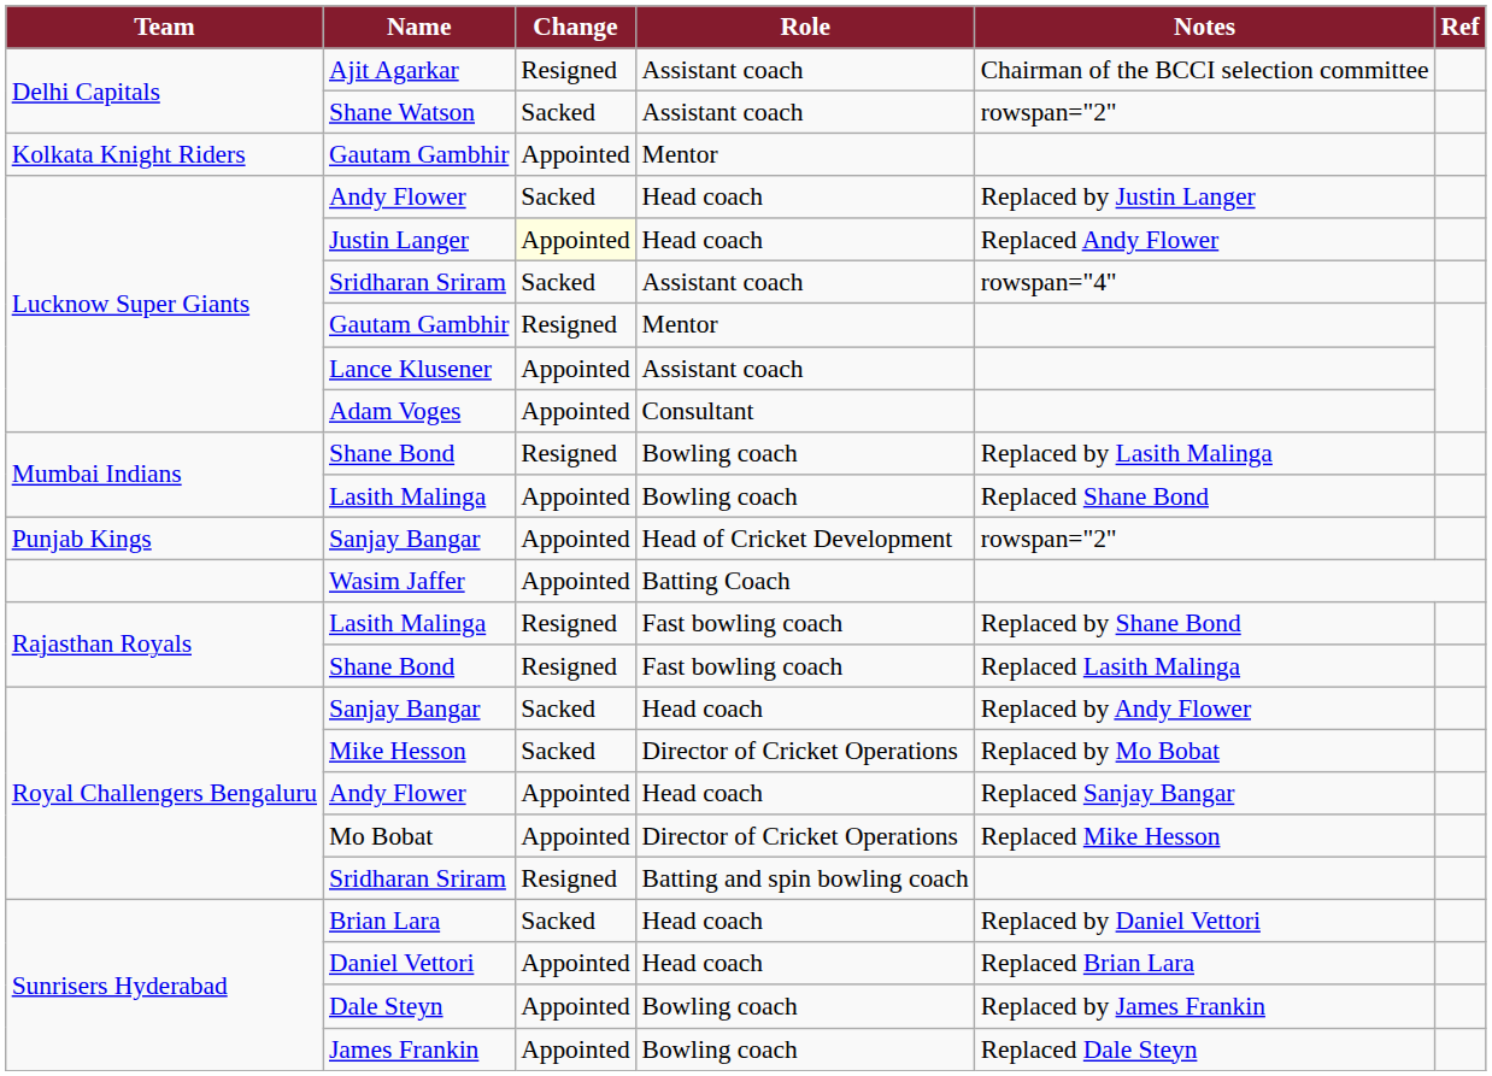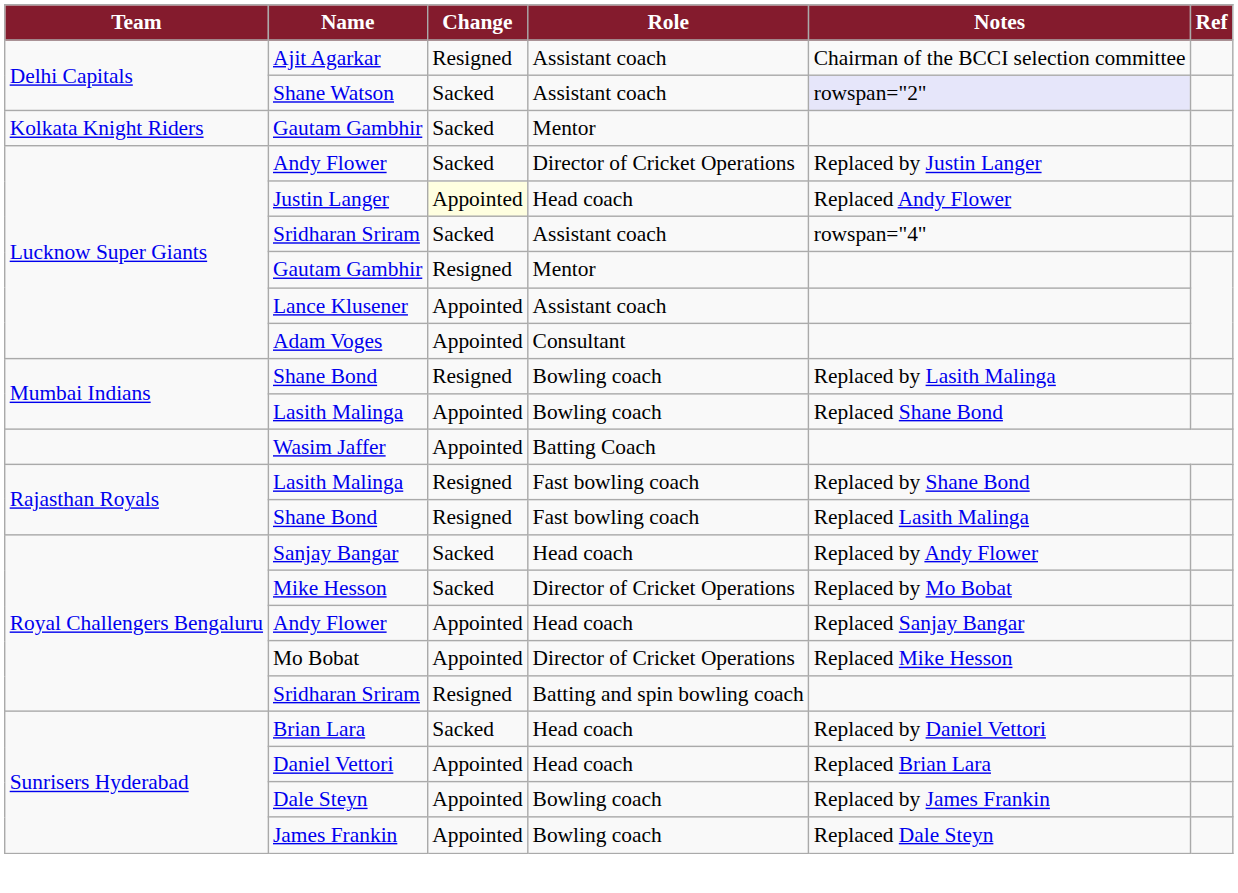 <table class="wikitable" style="font-size:95%;">
 <tr>
 <th style="background: #841B2D;color:white">Team</th>
 <th style="background: #841B2D;color:white">Name</th>
 <th style="background: #841B2D;color:white">Change</th>
 <th style="background: #841B2D;color:white">Role</th>
 <th style="background: #841B2D;color:white">Notes</th>
 <th style="background: #841B2D;color:white">Ref</th>
 </tr>
 <tr>
 <td rowspan="2"><a href='#'>Delhi Capitals</a></td>
 <td><a href='#'>Ajit Agarkar</a></td>
 <td>Resigned</td>
 <td>Assistant coach</td>
 <td>Chairman of the BCCI selection committee</td>
 <td></td>
 </tr>
 <tr>
 <td><a href='#'>Shane Watson</a></td>
 <td>Sacked</td>
 <td>Assistant coach</td>
-<td>rowspan="2" </td>
+<td style="background: lavender;">rowspan="2" </td>
 <td></td>
 </tr>
 <tr>
 <td><a href='#'>Kolkata Knight Riders</a></td>
 <td><a href='#'>Gautam Gambhir</a></td>
-<td>Appointed</td>
+<td>Sacked</td>
 <td>Mentor</td>
 <td></td>
 </tr>
 <tr>
 <td rowspan="6"><a href='#'>Lucknow Super Giants</a></td>
 <td><a href='#'>Andy Flower</a></td>
 <td>Sacked</td>
-<td>Head coach</td>
+<td>Director of Cricket Operations</td>
 <td>Replaced by <a href='#'>Justin Langer</a></td>
 <td></td>
 </tr>
 <tr>
 <td><a href='#'>Justin Langer</a></td>
 <td style="background: lightyellow;">Appointed</td>
 <td>Head coach</td>
 <td>Replaced <a href='#'>Andy Flower</a></td>
 <td></td>
 </tr>
 <tr>
 <td><a href='#'>Sridharan Sriram</a></td>
 <td>Sacked</td>
 <td>Assistant coach</td>
 <td>rowspan="4" </td>
 <td></td>
 </tr>
 <tr>
 <td><a href='#'>Gautam Gambhir</a></td>
 <td>Resigned</td>
 <td>Mentor</td>
 <td></td>
 </tr>
 <tr>
 <td><a href='#'>Lance Klusener</a></td>
 <td>Appointed</td>
 <td>Assistant coach</td>
 <td></td>
 </tr>
 <tr>
 <td><a href='#'>Adam Voges</a></td>
 <td>Appointed</td>
 <td>Consultant</td>
 <td></td>
 </tr>
 <tr>
 <td rowspan="2"><a href='#'>Mumbai Indians</a></td>
 <td><a href='#'>Shane Bond</a></td>
 <td>Resigned</td>
 <td>Bowling coach</td>
 <td>Replaced by <a href='#'>Lasith Malinga</a></td>
 <td></td>
 </tr>
 <tr>
 <td><a href='#'>Lasith Malinga</a></td>
 <td>Appointed</td>
 <td>Bowling coach</td>
 <td>Replaced <a href='#'>Shane Bond</a></td>
-<td></td>
-</tr>
-<tr>
-<td><a href='#'>Punjab Kings</a></td>
-<td><a href='#'>Sanjay Bangar</a></td>
-<td>Appointed</td>
-<td>Head of Cricket Development</td>
-<td>rowspan="2" </td>
 <td></td>
 </tr>
 <tr>
 <td></td>
 <td><a href='#'>Wasim Jaffer</a></td>
 <td>Appointed</td>
 <td>Batting Coach</td>
 </tr>
 <tr>
 <td rowspan="2"><a href='#'>Rajasthan Royals</a></td>
 <td><a href='#'>Lasith Malinga</a></td>
 <td>Resigned</td>
 <td>Fast bowling coach</td>
 <td>Replaced by <a href='#'>Shane Bond</a></td>
 <td></td>
 </tr>
 <tr>
 <td><a href='#'>Shane Bond</a></td>
 <td>Resigned</td>
 <td>Fast bowling coach</td>
 <td>Replaced <a href='#'>Lasith Malinga</a></td>
 <td></td>
 </tr>
 <tr>
 <td rowspan="5"><a href='#'>Royal Challengers Bengaluru</a></td>
 <td><a href='#'>Sanjay Bangar</a></td>
 <td>Sacked</td>
 <td>Head coach</td>
 <td>Replaced by <a href='#'>Andy Flower</a></td>
 <td></td>
 </tr>
 <tr>
 <td><a href='#'>Mike Hesson</a></td>
 <td>Sacked</td>
 <td>Director of Cricket Operations</td>
 <td>Replaced by <a href='#'>Mo Bobat</a></td>
 <td></td>
 </tr>
 <tr>
 <td><a href='#'>Andy Flower</a></td>
 <td>Appointed</td>
 <td>Head coach</td>
 <td>Replaced <a href='#'>Sanjay Bangar</a></td>
 <td></td>
 </tr>
 <tr>
 <td>Mo Bobat</td>
 <td>Appointed</td>
 <td>Director of Cricket Operations</td>
 <td>Replaced <a href='#'>Mike Hesson</a></td>
 <td></td>
 </tr>
 <tr>
 <td><a href='#'>Sridharan Sriram</a></td>
 <td>Resigned</td>
 <td>Batting and spin bowling coach</td>
 <td></td>
 <td></td>
 </tr>
 <tr>
 <td rowspan="4"><a href='#'>Sunrisers Hyderabad</a></td>
 <td><a href='#'>Brian Lara</a></td>
 <td>Sacked</td>
 <td>Head coach</td>
 <td>Replaced by <a href='#'>Daniel Vettori</a></td>
 <td></td>
 </tr>
 <tr>
 <td><a href='#'>Daniel Vettori</a></td>
 <td>Appointed</td>
 <td>Head coach</td>
 <td>Replaced <a href='#'>Brian Lara</a></td>
 <td></td>
 </tr>
 <tr>
 <td><a href='#'>Dale Steyn</a></td>
 <td>Appointed</td>
 <td>Bowling coach</td>
 <td>Replaced by <a href='#'>James Frankin</a></td>
 <td></td>
 </tr>
 <tr>
 <td><a href='#'>James Frankin</a></td>
 <td>Appointed</td>
 <td>Bowling coach</td>
 <td>Replaced <a href='#'>Dale Steyn</a></td>
 <td></td>
 </tr>
 </table>
